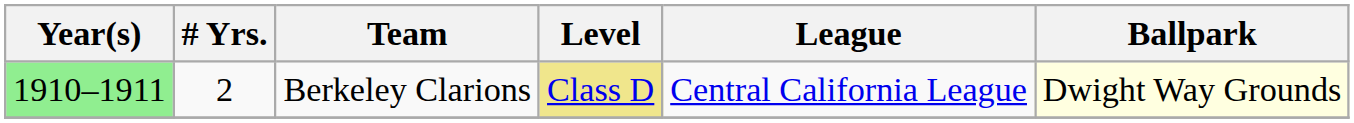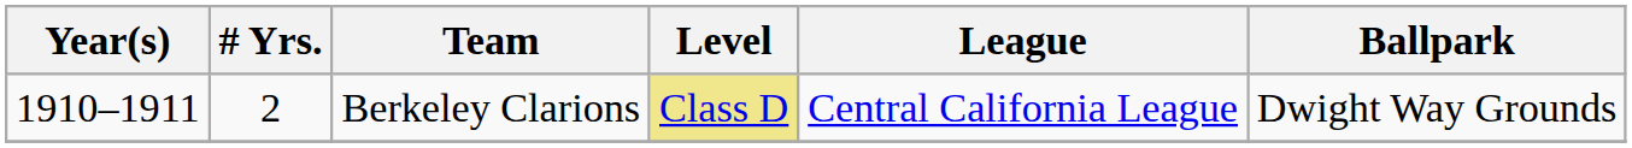 <table class="wikitable" style="text-align:center; font-size: 95%;">
 <tr>
 <th>Year(s)</th>
 <th># Yrs.</th>
 <th>Team</th>
 <th>Level</th>
 <th>League</th>
 <th>Ballpark</th>
 </tr>
 <tr>
-<td style="background: lightgreen;">1910–1911</td>
+<td>1910–1911</td>
 <td>2</td>
 <td>Berkeley Clarions</td>
 <td style="background: khaki;"><a href='#'>Class D</a></td>
 <td><a href='#'>Central California League</a></td>
-<td style="background: lightyellow;">Dwight Way Grounds</td>
+<td>Dwight Way Grounds</td>
 </tr>
 <tr>
 </tr>
 </table>
